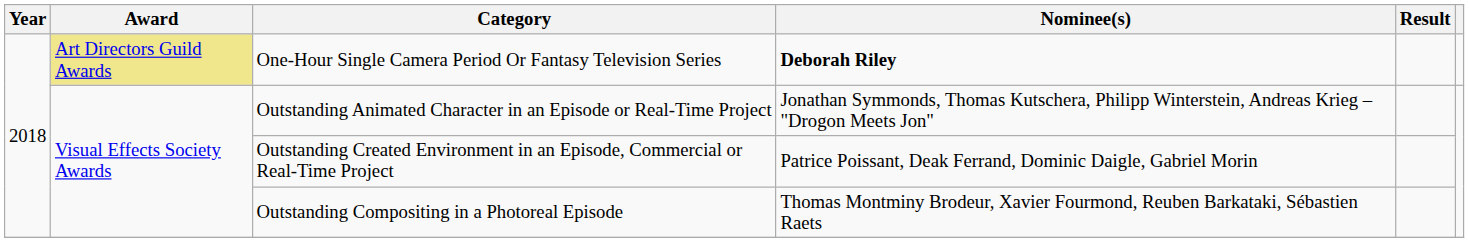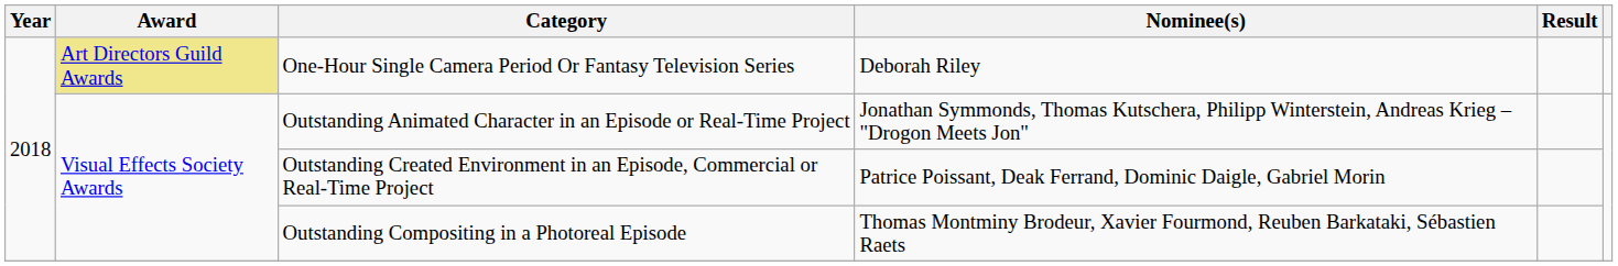 <table class="wikitable sortable plainrowheaders">
 <tr>
 <th>Year</th>
 <th>Award</th>
 <th>Category</th>
 <th>Nominee(s)</th>
 <th>Result</th>
 <th class="unsortable"></th>
 </tr>
 <tr>
 <td rowspan=4>2018</td>
 <td scope="row" style="background: khaki;"><a href='#'>Art Directors Guild Awards</a></td>
 <td scope="row">One-Hour Single Camera Period Or Fantasy Television Series</td>
-<td scope="row"><strong>Deborah Riley</strong></td>
+<td scope="row">Deborah Riley</td>
 <td></td>
 <td></td>
 </tr>
 <tr>
 <td scope="row" rowspan="3"><a href='#'>Visual Effects Society Awards</a></td>
 <td scope="row">Outstanding Animated Character in an Episode or Real-Time Project</td>
 <td scope="row">Jonathan Symmonds, Thomas Kutschera, Philipp Winterstein, Andreas Krieg – "Drogon Meets Jon"</td>
 <td></td>
 <td rowspan="3"></td>
 </tr>
 <tr>
 <td scope="row">Outstanding Created Environment in an Episode, Commercial or Real-Time Project</td>
 <td scope="row">Patrice Poissant, Deak Ferrand, Dominic Daigle, Gabriel Morin</td>
 <td></td>
 </tr>
 <tr>
 <td scope="row">Outstanding Compositing in a Photoreal Episode</td>
 <td scope="row">Thomas Montminy Brodeur, Xavier Fourmond, Reuben Barkataki, Sébastien Raets</td>
 <td></td>
 </tr>
 <tr>
 </tr>
 </table>
